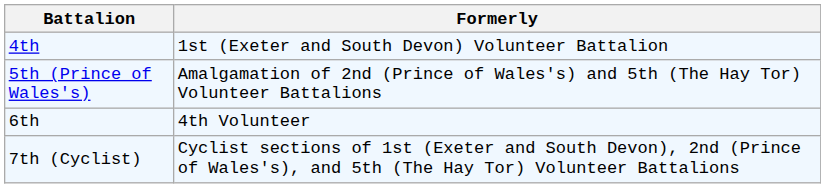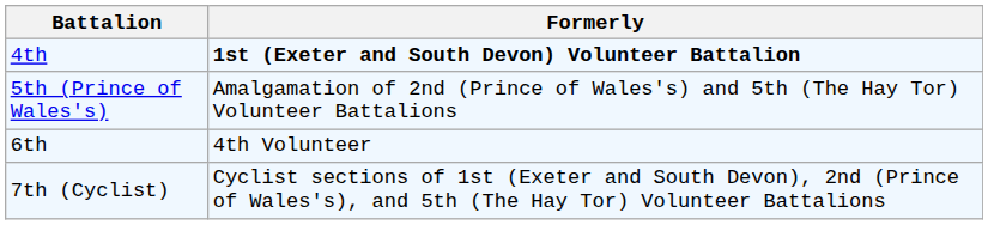 <table class="wikitable" style="width:100%;">
 <tr>
 <th>Battalion</th>
 <th>Formerly</th>
 </tr>
 <tr style="background:#f0f8ff;">
 <td><a href='#'>4th</a></td>
-<td>1st (Exeter and South Devon) Volunteer Battalion</td>
+<td><strong>1st (Exeter and South Devon) Volunteer Battalion</strong></td>
 </tr>
 <tr style="background:#f0f8ff;">
 <td><a href='#'>5th (Prince of Wales's)</a></td>
 <td>Amalgamation of 2nd (Prince of Wales's) and 5th (The Hay Tor) Volunteer Battalions</td>
 </tr>
 <tr style="background:#f0f8ff;">
 <td>6th</td>
 <td>4th Volunteer</td>
 </tr>
 <tr style="background:#f0f8ff;">
 <td>7th (Cyclist)</td>
 <td>Cyclist sections of 1st (Exeter and South Devon), 2nd (Prince of Wales's), and 5th (The Hay Tor) Volunteer Battalions</td>
 </tr>
 </table>
